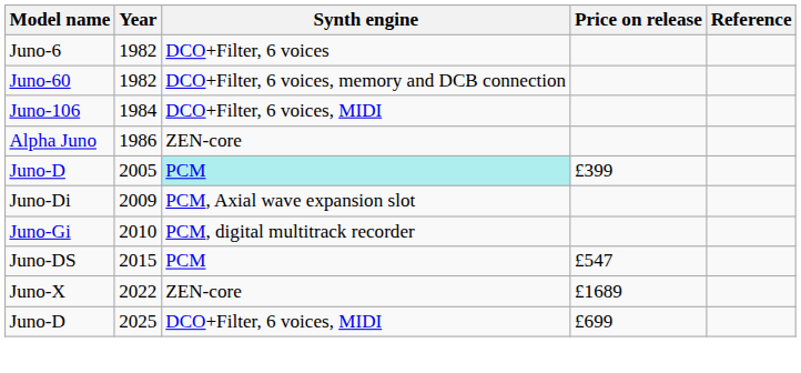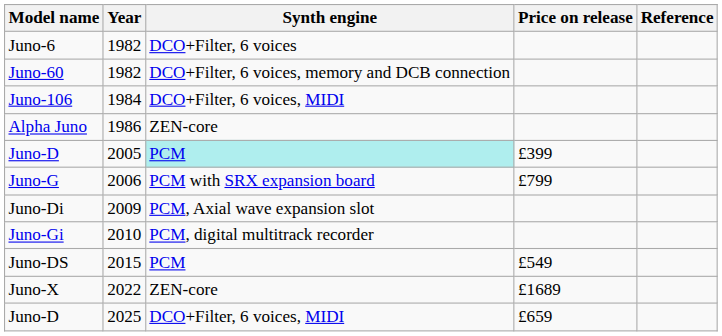 <table class="wikitable sortable">
 <tr>
 <th>Model name</th>
 <th>Year</th>
 <th>Synth engine</th>
 <th>Price on release</th>
 <th>Reference</th>
 </tr>
 <tr>
 <td>Juno-6</td>
 <td>1982</td>
 <td><a href='#'>DCO</a>+Filter, 6 voices</td>
 <td></td>
 <td></td>
 </tr>
 <tr>
 <td><a href='#'>Juno-60</a></td>
 <td>1982</td>
 <td><a href='#'>DCO</a>+Filter, 6 voices, memory and DCB connection</td>
 <td></td>
 <td><br></td>
 </tr>
 <tr>
 <td><a href='#'>Juno-106</a></td>
 <td>1984</td>
 <td><a href='#'>DCO</a>+Filter, 6 voices, <a href='#'>MIDI</a></td>
 <td></td>
 <td><br></td>
 </tr>
 <tr>
 <td><a href='#'>Alpha Juno</a></td>
 <td>1986</td>
 <td>ZEN-core</td>
 <td></td>
 <td><br></td>
 </tr>
 <tr>
 <td><a href='#'>Juno-D</a></td>
 <td>2005</td>
 <td style="background: paleturquoise;"><a href='#'>PCM</a></td>
 <td>£399</td>
 <td><br></td>
 </tr>
 <tr>
+<td><a href='#'>Juno-G</a></td>
+<td>2006</td>
+<td><a href='#'>PCM</a> with <a href='#'>SRX expansion board</a></td>
+<td>£799</td>
+<td><br> </td>
+</tr>
+<tr>
 <td>Juno-Di</td>
 <td>2009</td>
 <td><a href='#'>PCM</a>, Axial wave expansion slot</td>
 <td></td>
 <td><br></td>
 </tr>
 <tr>
 <td><a href='#'>Juno-Gi</a></td>
 <td>2010</td>
 <td><a href='#'>PCM</a>, digital multitrack recorder</td>
 <td></td>
 <td><br></td>
 </tr>
 <tr>
 <td>Juno-DS</td>
 <td>2015</td>
 <td><a href='#'>PCM</a></td>
-<td>£547</td>
+<td>£549</td>
 <td><br> </td>
 </tr>
 <tr>
 <td>Juno-X</td>
 <td>2022</td>
 <td>ZEN-core</td>
 <td>£1689</td>
 <td><br> </td>
 </tr>
 <tr>
 <td>Juno-D</td>
 <td>2025</td>
 <td><a href='#'>DCO</a>+Filter, 6 voices, <a href='#'>MIDI</a></td>
-<td>£699</td>
+<td>£659</td>
 <td><br></td>
 </tr>
 </table>
